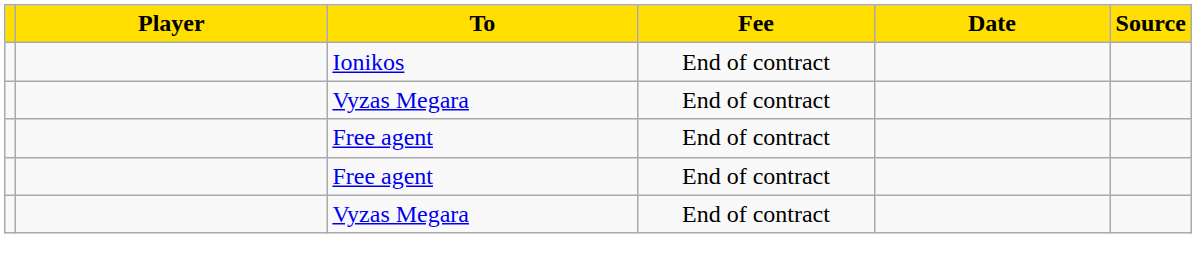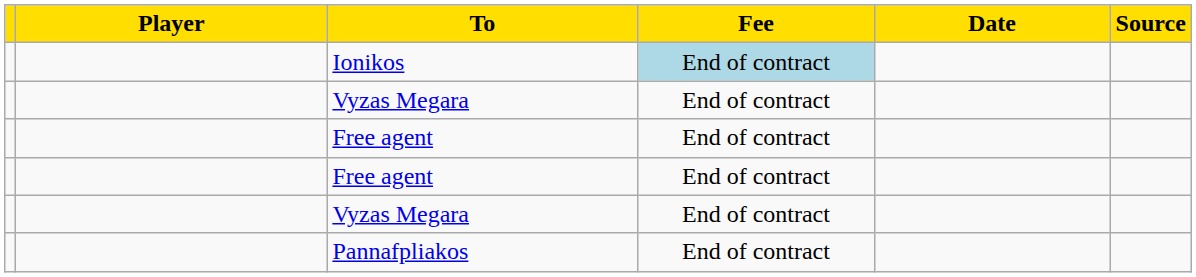 <table class="wikitable sortable">
 <tr>
 <th style="background:#FFDE00"></th>
 <th width=200 style="background:#FFDE00">Player</th>
 <th width=200 style="background:#FFDE00">To</th>
 <th width=150 style="background:#FFDE00">Fee</th>
 <th width=150 style="background:#FFDE00">Date</th>
 <th style="background:#FFDE00">Source</th>
 </tr>
 <tr>
 <td align=center></td>
 <td></td>
 <td> <a href='#'>Ionikos</a></td>
-<td align=center>End of contract</td>
+<td align=center style="background: lightblue;">End of contract</td>
 <td align=center></td>
 <td align=center></td>
 </tr>
 <tr>
 <td align=center></td>
 <td></td>
 <td> <a href='#'>Vyzas Megara</a></td>
 <td align=center>End of contract</td>
 <td align=center></td>
 <td align=center></td>
 </tr>
 <tr>
 <td align=center></td>
 <td></td>
 <td><a href='#'>Free agent</a></td>
 <td align=center>End of contract</td>
 <td align=center></td>
 <td align=center></td>
 </tr>
 <tr>
 <td align=center></td>
 <td></td>
 <td><a href='#'>Free agent</a></td>
 <td align=center>End of contract</td>
 <td align=center></td>
 <td align=center></td>
 </tr>
 <tr>
 <td align=center></td>
 <td></td>
 <td> <a href='#'>Vyzas Megara</a></td>
 <td align=center>End of contract</td>
 <td align=center></td>
 <td align=center></td>
 </tr>
+<tr>
+<td align=center></td>
+<td></td>
+<td> <a href='#'>Pannafpliakos</a></td>
+<td align=center>End of contract</td>
+<td align=center></td>
+<td align=center></td>
+</tr>
 </table>
